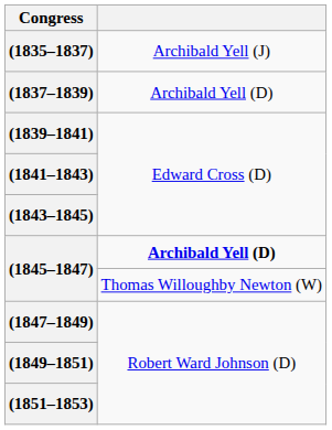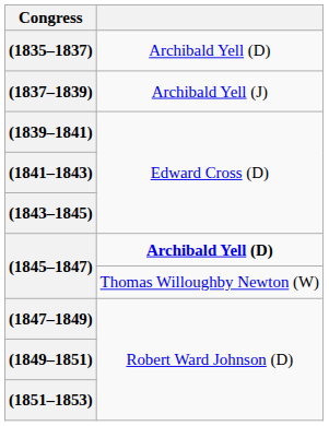 <table class=wikitable style="text-align:center">
 <tr>
 <th scope="col">Congress</th>
 <th scope="col"></th>
 </tr>
 <tr style="height:2.5em">
 <th scope="row"> (1835–1837)</th>
-<td><a href='#'>Archibald Yell</a> (J)</td>
+<td><a href='#'>Archibald Yell</a> (D)</td>
 </tr>
 <tr style="height:2.5em">
 <th scope="row"> (1837–1839)</th>
-<td><a href='#'>Archibald Yell</a> (D)</td>
+<td><a href='#'>Archibald Yell</a> (J)</td>
 </tr>
 <tr style="height:2.5em">
 <th scope="row"> (1839–1841)</th>
 <td rowspan=3 ><a href='#'>Edward Cross</a> (D)</td>
 </tr>
 <tr style="height:2.5em">
 <th scope="row"> (1841–1843)</th>
 </tr>
 <tr style="height:2.5em">
 <th scope="row"> (1843–1845)</th>
 </tr>
 <tr style="height:2em">
 <th scope="row" rowspan=2> (1845–1847)</th>
 <td><strong><a href='#'>Archibald Yell</a> (D)</strong></td>
 </tr>
 <tr style="height:2em">
 <td><a href='#'>Thomas Willoughby Newton</a> (W)</td>
 </tr>
 <tr style="height:2.5em">
 <th scope="row"> (1847–1849)</th>
 <td rowspan=3 ><a href='#'>Robert Ward Johnson</a> (D)</td>
 </tr>
 <tr style="height:2.5em">
 <th scope="row"> (1849–1851)</th>
 </tr>
 <tr style="height:2.5em">
 <th scope="row"> (1851–1853)</th>
 </tr>
 </table>
